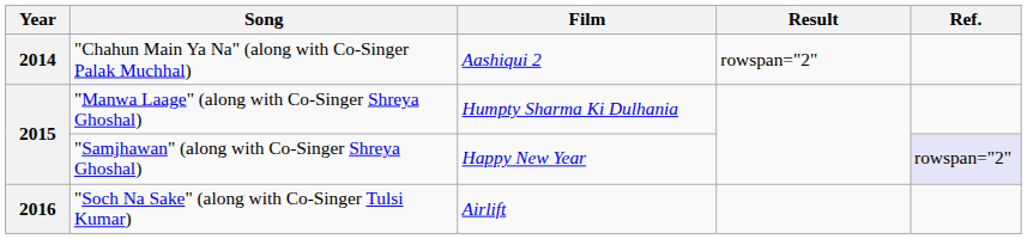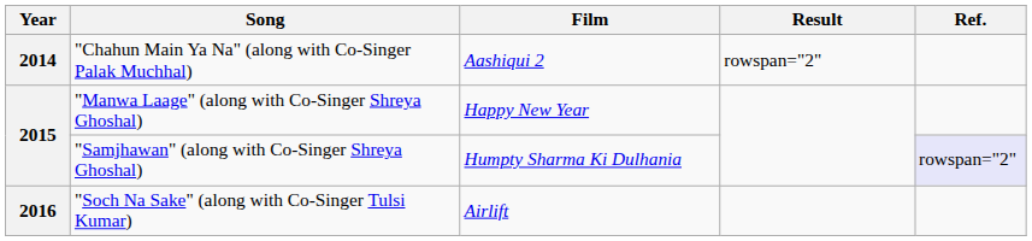 <table class="wikitable plainrowheaders" width="100%" "textcolor:#000;">
 <tr>
 <th scope="col" width=5%><strong>Year</strong></th>
 <th scope="col" width=30%><strong>Song</strong></th>
 <th scope="col" width=20%><strong>Film</strong></th>
 <th scope="col" width=15%><strong>Result</strong></th>
 <th scope="col" width=2%><strong>Ref.</strong></th>
 </tr>
 <tr>
 <th scope="row">2014</th>
 <td>"Chahun Main Ya Na" (along with Co-Singer <a href='#'>Palak Muchhal</a>)</td>
 <td><em><a href='#'>Aashiqui 2</a></em></td>
 <td>rowspan="2" </td>
 <td></td>
 </tr>
 <tr>
 <th scope="row" rowspan="2">2015</th>
 <td>"<a href='#'>Manwa Laage</a>" (along with Co-Singer <a href='#'>Shreya Ghoshal</a>)</td>
-<td><em><a href='#'>Humpty Sharma Ki Dulhania</a></em></td>
+<td><em><a href='#'>Happy New Year</a></em></td>
 <td rowspan="2"></td>
 </tr>
 <tr>
 <td>"<a href='#'>Samjhawan</a>" (along with Co-Singer <a href='#'>Shreya Ghoshal</a>)</td>
-<td><em><a href='#'>Happy New Year</a></em></td>
+<td><em><a href='#'>Humpty Sharma Ki Dulhania</a></em></td>
 <td style="background: lavender;">rowspan="2" </td>
 </tr>
 <tr>
 <th scope="row">2016</th>
 <td>"<a href='#'>Soch Na Sake</a>" (along with Co-Singer <a href='#'>Tulsi Kumar</a>)</td>
 <td><em><a href='#'>Airlift</a></em></td>
 <td></td>
 </tr>
 </table>
